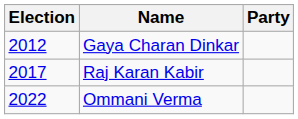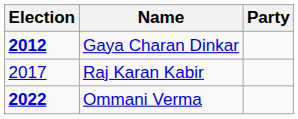 <table class="wikitable sortable">
 <tr>
 <th>Election</th>
 <th>Name</th>
 <th colspan=2>Party</th>
 </tr>
 <tr>
-<td><a href='#'>2012</a></td>
+<td><strong><a href='#'>2012</a></strong></td>
 <td><a href='#'>Gaya Charan Dinkar</a></td>
 <td></td>
 </tr>
 <tr>
 <td><a href='#'>2017</a></td>
 <td><a href='#'>Raj Karan Kabir</a></td>
 <td></td>
 </tr>
 <tr>
-<td><a href='#'>2022</a></td>
+<td><strong><a href='#'>2022</a></strong></td>
 <td><a href='#'>Ommani Verma</a></td>
 </tr>
 </table>
